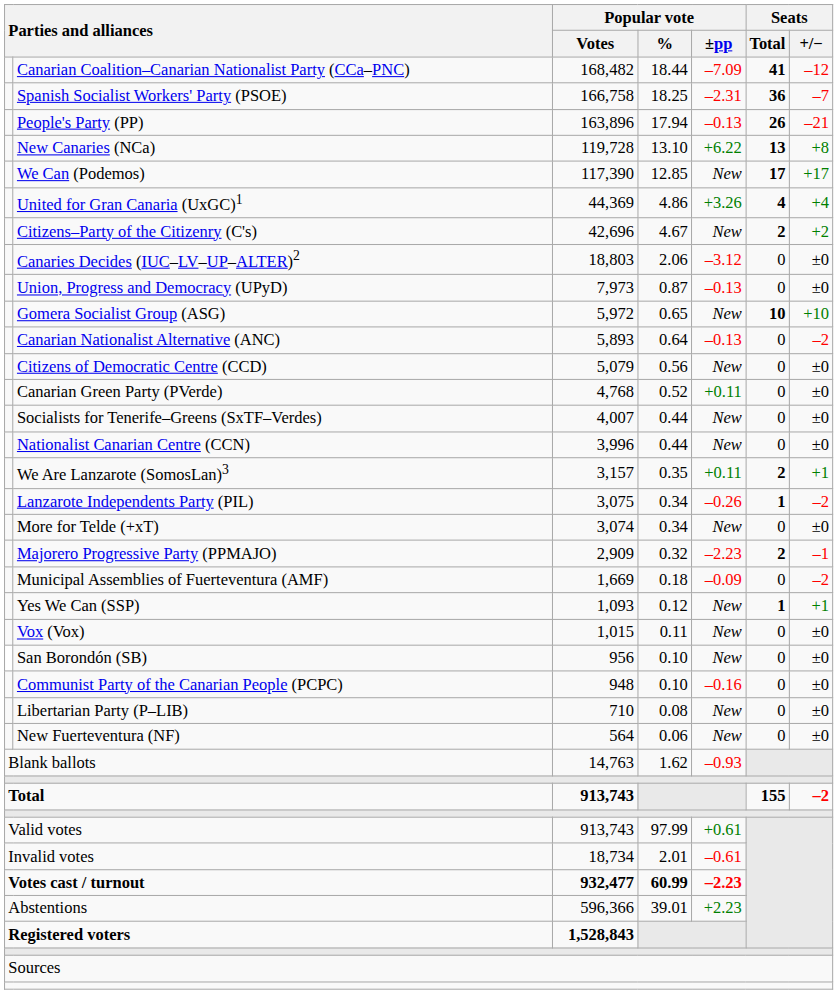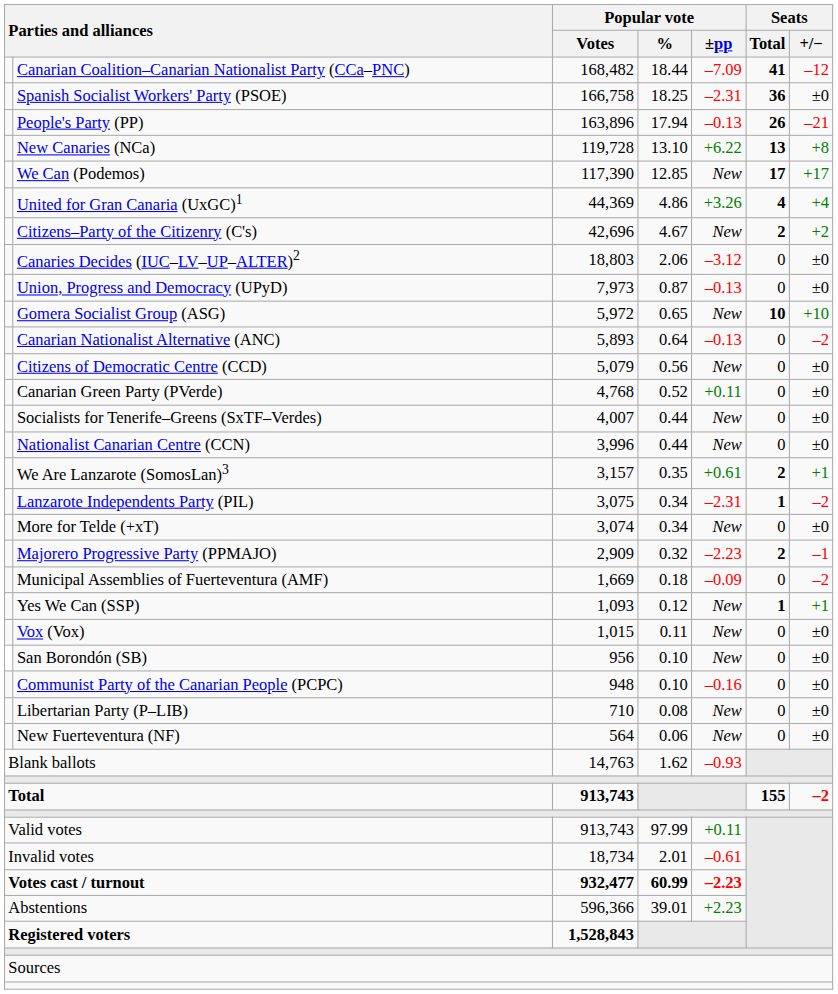 <table class="wikitable" style="text-align:right;">
 <tr>
 <th style="text-align:left;" rowspan="2" colspan="2" width="525">Parties and alliances</th>
 <th colspan="3">Popular vote</th>
 <th colspan="2">Seats</th>
 </tr>
 <tr>
 <th width="75">Votes</th>
 <th width="45">%</th>
 <th width="45">±<a href='#'>pp</a></th>
 <th width="35">Total</th>
 <th width="35">+/−</th>
 </tr>
 <tr>
 <td width="1" style="color:inherit;background:"></td>
 <td align="left"><a href='#'>Canarian Coalition–Canarian Nationalist Party</a> (<a href='#'>CCa</a>–<a href='#'>PNC</a>)</td>
 <td>168,482</td>
 <td>18.44</td>
 <td style="color:red;">–7.09</td>
 <td><strong>41</strong></td>
 <td style="color:red;">–12</td>
 </tr>
 <tr>
 <td style="color:inherit;background:"></td>
 <td align="left"><a href='#'>Spanish Socialist Workers' Party</a> (PSOE)</td>
 <td>166,758</td>
 <td>18.25</td>
 <td style="color:red;">–2.31</td>
 <td><strong>36</strong></td>
-<td style="color:red;">–7</td>
+<td>±0</td>
 </tr>
 <tr>
 <td style="color:inherit;background:"></td>
 <td align="left"><a href='#'>People's Party</a> (PP)</td>
 <td>163,896</td>
 <td>17.94</td>
 <td style="color:red;">–0.13</td>
 <td><strong>26</strong></td>
 <td style="color:red;">–21</td>
 </tr>
 <tr>
 <td style="color:inherit;background:"></td>
 <td align="left"><a href='#'>New Canaries</a> (NCa)</td>
 <td>119,728</td>
 <td>13.10</td>
 <td style="color:green;">+6.22</td>
 <td><strong>13</strong></td>
 <td style="color:green;">+8</td>
 </tr>
 <tr>
 <td style="color:inherit;background:"></td>
 <td align="left"><a href='#'>We Can</a> (Podemos)</td>
 <td>117,390</td>
 <td>12.85</td>
 <td><em>New</em></td>
 <td><strong>17</strong></td>
 <td style="color:green;">+17</td>
 </tr>
 <tr>
 <td style="color:inherit;background:"></td>
 <td align="left"><a href='#'>United for Gran Canaria</a> (UxGC)<sup>1</sup></td>
 <td>44,369</td>
 <td>4.86</td>
 <td style="color:green;">+3.26</td>
 <td><strong>4</strong></td>
 <td style="color:green;">+4</td>
 </tr>
 <tr>
 <td style="color:inherit;background:"></td>
 <td align="left"><a href='#'>Citizens–Party of the Citizenry</a> (C's)</td>
 <td>42,696</td>
 <td>4.67</td>
 <td><em>New</em></td>
 <td><strong>2</strong></td>
 <td style="color:green;">+2</td>
 </tr>
 <tr>
 <td style="color:inherit;background:"></td>
 <td align="left"><a href='#'>Canaries Decides</a> (<a href='#'>IUC</a>–<a href='#'>LV</a>–<a href='#'>UP</a>–<a href='#'>ALTER</a>)<sup>2</sup></td>
 <td>18,803</td>
 <td>2.06</td>
 <td style="color:red;">–3.12</td>
 <td>0</td>
 <td>±0</td>
 </tr>
 <tr>
 <td style="color:inherit;background:"></td>
 <td align="left"><a href='#'>Union, Progress and Democracy</a> (UPyD)</td>
 <td>7,973</td>
 <td>0.87</td>
 <td style="color:red;">–0.13</td>
 <td>0</td>
 <td>±0</td>
 </tr>
 <tr>
 <td style="color:inherit;background:"></td>
 <td align="left"><a href='#'>Gomera Socialist Group</a> (ASG)</td>
 <td>5,972</td>
 <td>0.65</td>
 <td><em>New</em></td>
 <td><strong>10</strong></td>
 <td style="color:green;">+10</td>
 </tr>
 <tr>
 <td style="color:inherit;background:"></td>
 <td align="left"><a href='#'>Canarian Nationalist Alternative</a> (ANC)</td>
 <td>5,893</td>
 <td>0.64</td>
 <td style="color:red;">–0.13</td>
 <td>0</td>
 <td style="color:red;">–2</td>
 </tr>
 <tr>
 <td style="color:inherit;background:"></td>
 <td align="left"><a href='#'>Citizens of Democratic Centre</a> (CCD)</td>
 <td>5,079</td>
 <td>0.56</td>
 <td><em>New</em></td>
 <td>0</td>
 <td>±0</td>
 </tr>
 <tr>
 <td style="color:inherit;background:"></td>
 <td align="left">Canarian Green Party (PVerde)</td>
 <td>4,768</td>
 <td>0.52</td>
 <td style="color:green;">+0.11</td>
 <td>0</td>
 <td>±0</td>
 </tr>
 <tr>
 <td style="color:inherit;background:"></td>
 <td align="left">Socialists for Tenerife–Greens (SxTF–Verdes)</td>
 <td>4,007</td>
 <td>0.44</td>
 <td><em>New</em></td>
 <td>0</td>
 <td>±0</td>
 </tr>
 <tr>
 <td style="color:inherit;background:"></td>
 <td align="left"><a href='#'>Nationalist Canarian Centre</a> (CCN)</td>
 <td>3,996</td>
 <td>0.44</td>
 <td><em>New</em></td>
 <td>0</td>
 <td>±0</td>
 </tr>
 <tr>
 <td style="color:inherit;background:"></td>
 <td align="left">We Are Lanzarote (SomosLan)<sup>3</sup></td>
 <td>3,157</td>
 <td>0.35</td>
-<td style="color:green;">+0.11</td>
+<td style="color:green;">+0.61</td>
 <td><strong>2</strong></td>
 <td style="color:green;">+1</td>
 </tr>
 <tr>
 <td style="color:inherit;background:"></td>
 <td align="left"><a href='#'>Lanzarote Independents Party</a> (PIL)</td>
 <td>3,075</td>
 <td>0.34</td>
-<td style="color:red;">–0.26</td>
+<td style="color:red;">–2.31</td>
 <td><strong>1</strong></td>
 <td style="color:red;">–2</td>
 </tr>
 <tr>
 <td style="color:inherit;background:"></td>
 <td align="left">More for Telde (+xT)</td>
 <td>3,074</td>
 <td>0.34</td>
 <td><em>New</em></td>
 <td>0</td>
 <td>±0</td>
 </tr>
 <tr>
 <td style="color:inherit;background:"></td>
 <td align="left"><a href='#'>Majorero Progressive Party</a> (PPMAJO)</td>
 <td>2,909</td>
 <td>0.32</td>
 <td style="color:red;">–2.23</td>
 <td><strong>2</strong></td>
 <td style="color:red;">–1</td>
 </tr>
 <tr>
 <td style="color:inherit;background:"></td>
 <td align="left">Municipal Assemblies of Fuerteventura (AMF)</td>
 <td>1,669</td>
 <td>0.18</td>
 <td style="color:red;">–0.09</td>
 <td>0</td>
 <td style="color:red;">–2</td>
 </tr>
 <tr>
 <td style="color:inherit;background:"></td>
 <td align="left">Yes We Can (SSP)</td>
 <td>1,093</td>
 <td>0.12</td>
 <td><em>New</em></td>
 <td><strong>1</strong></td>
 <td style="color:green;">+1</td>
 </tr>
 <tr>
 <td style="color:inherit;background:"></td>
 <td align="left"><a href='#'>Vox</a> (Vox)</td>
 <td>1,015</td>
 <td>0.11</td>
 <td><em>New</em></td>
 <td>0</td>
 <td>±0</td>
 </tr>
 <tr>
 <td bgcolor="white"></td>
 <td align="left">San Borondón (SB)</td>
 <td>956</td>
 <td>0.10</td>
 <td><em>New</em></td>
 <td>0</td>
 <td>±0</td>
 </tr>
 <tr>
 <td style="color:inherit;background:"></td>
 <td align="left"><a href='#'>Communist Party of the Canarian People</a> (PCPC)</td>
 <td>948</td>
 <td>0.10</td>
 <td style="color:red;">–0.16</td>
 <td>0</td>
 <td>±0</td>
 </tr>
 <tr>
 <td style="color:inherit;background:"></td>
 <td align="left">Libertarian Party (P–LIB)</td>
 <td>710</td>
 <td>0.08</td>
 <td><em>New</em></td>
 <td>0</td>
 <td>±0</td>
 </tr>
 <tr>
 <td style="color:inherit;background:"></td>
 <td align="left">New Fuerteventura (NF)</td>
 <td>564</td>
 <td>0.06</td>
 <td><em>New</em></td>
 <td>0</td>
 <td>±0</td>
 </tr>
 <tr>
 <td align="left" colspan="2">Blank ballots</td>
 <td>14,763</td>
 <td>1.62</td>
 <td style="color:red;">–0.93</td>
 <td bgcolor="#E9E9E9" colspan="2"></td>
 </tr>
 <tr>
 <td colspan="7" bgcolor="#E9E9E9"></td>
 </tr>
 <tr style="font-weight:bold;">
 <td align="left" colspan="2">Total</td>
 <td>913,743</td>
 <td bgcolor="#E9E9E9" colspan="2"></td>
 <td>155</td>
 <td style="color:red;">–2</td>
 </tr>
 <tr>
 <td colspan="7" bgcolor="#E9E9E9"></td>
 </tr>
 <tr>
 <td align="left" colspan="2">Valid votes</td>
 <td>913,743</td>
 <td>97.99</td>
-<td style="color:green;">+0.61</td>
+<td style="color:green;">+0.11</td>
 <td bgcolor="#E9E9E9" colspan="2" rowspan="5"></td>
 </tr>
 <tr>
 <td align="left" colspan="2">Invalid votes</td>
 <td>18,734</td>
 <td>2.01</td>
 <td style="color:red;">–0.61</td>
 </tr>
 <tr style="font-weight:bold;">
 <td align="left" colspan="2">Votes cast / turnout</td>
 <td>932,477</td>
 <td>60.99</td>
 <td style="color:red;">–2.23</td>
 </tr>
 <tr>
 <td align="left" colspan="2">Abstentions</td>
 <td>596,366</td>
 <td>39.01</td>
 <td style="color:green;">+2.23</td>
 </tr>
 <tr style="font-weight:bold;">
 <td align="left" colspan="2">Registered voters</td>
 <td>1,528,843</td>
 <td bgcolor="#E9E9E9" colspan="2"></td>
 </tr>
 <tr>
 <td colspan="7" bgcolor="#E9E9E9"></td>
 </tr>
 <tr>
 <td align="left" colspan="7">Sources</td>
 </tr>
 <tr>
 <td colspan="7" style="text-align:left; max-width:790px;"></td>
 </tr>
 </table>
